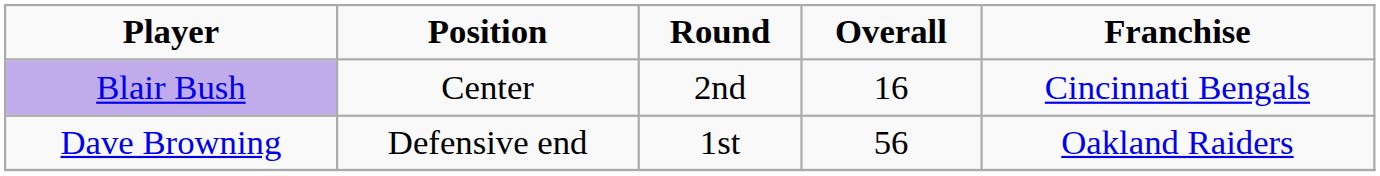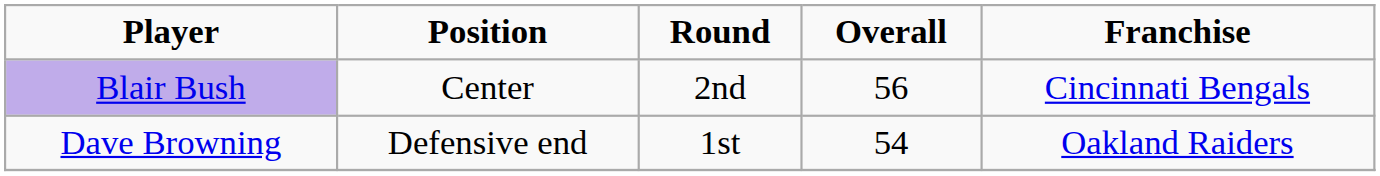 <table class="wikitable" width="50%">
 <tr align="center">
 <td><strong>Player</strong></td>
 <td><strong>Position</strong></td>
 <td><strong>Round</strong></td>
 <td><strong>Overall</strong></td>
 <td><strong>Franchise<em></td>
 </tr>
 <tr align="center" bgcolor="">
 <td bgcolor="C0ACEA"><a href='#'>Blair Bush</a></td>
 <td>Center</td>
 <td>2nd</td>
-<td>16</td>
+<td>56</td>
 <td><a href='#'>Cincinnati Bengals</a></td>
 </tr>
 <tr align="center" bgcolor="">
 <td><a href='#'>Dave Browning</a></td>
 <td>Defensive end</td>
 <td>1st</td>
-<td>56</td>
+<td>54</td>
 <td><a href='#'>Oakland Raiders</a></td>
 </tr>
 <tr align="center" bgcolor="">
 </tr>
 </table>
